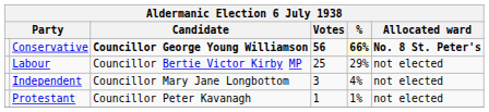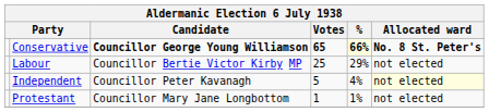 <table class="wikitable">
 <tr>
 <th colspan="6"><strong>Aldermanic Election 6 July 1938</strong></th>
 </tr>
 <tr>
 <th colspan="2">Party</th>
 <th>Candidate</th>
 <th>Votes</th>
 <th>%</th>
 <th>Allocated ward</th>
 </tr>
 <tr>
 <td style="background-color:"></td>
 <td><a href='#'>Conservative</a></td>
 <td><strong>Councillor George Young Williamson</strong></td>
-<td><strong>56</strong></td>
+<td><strong>65</strong></td>
 <td style="background: lightyellow;"><strong>66%</strong></td>
 <td><strong>No. 8 St. Peter's</strong></td>
 </tr>
 <tr>
 <td style="background-color:"></td>
 <td><a href='#'>Labour</a></td>
 <td>Councillor <a href='#'>Bertie Victor Kirby</a> <a href='#'>MP</a></td>
 <td>25</td>
 <td>29%</td>
 <td>not elected</td>
 </tr>
 <tr>
 <td style="background-color:"></td>
 <td><a href='#'>Independent</a></td>
-<td>Councillor Mary Jane Longbottom</td>
-<td>3</td>
+<td>Councillor Peter Kavanagh</td>
+<td>5</td>
 <td>4%</td>
-<td>not elected</td>
+<td style="background: lightyellow;">not elected</td>
 </tr>
 <tr>
 <td style="background-color:"></td>
 <td><a href='#'>Protestant</a></td>
-<td>Councillor Peter Kavanagh</td>
+<td>Councillor Mary Jane Longbottom</td>
 <td>1</td>
 <td>1%</td>
 <td>not elected</td>
 </tr>
 <tr>
 </tr>
 </table>
